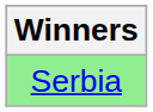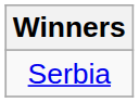 <table class=wikitable style="text-align:center; margin:auto">
 <tr>
 <th>Winners</th>
 </tr>
 <tr>
-<td style="background: lightgreen;"> <a href='#'>Serbia</a></td>
+<td> <a href='#'>Serbia</a></td>
 </tr>
 </table>
